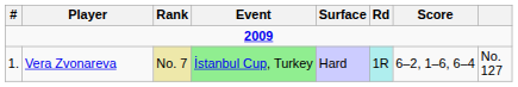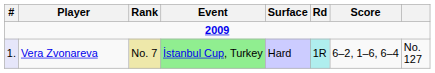 <table class="wikitable sortable">
 <tr>
 <th>#</th>
 <th width=155>Player</th>
 <th width=30>Rank</th>
 <th>Event</th>
 <th>Surface</th>
 <th>Rd</th>
 <th>Score</th>
 <th width=35></th>
 </tr>
 <tr>
 <td colspan=8 style=text-align:center><strong><a href='#'>2009</a></strong></td>
 </tr>
 <tr>
-<td>1.</td>
+<td style="background: lavender;">1.</td>
 <td> <a href='#'>Vera Zvonareva</a></td>
 <td bgcolor=EEE8AA>No. 7</td>
 <td style="background: lightgreen;"><a href='#'>İstanbul Cup</a>, Turkey</td>
 <td bgcolor=CCCCFF>Hard</td>
 <td bgcolor=afeeee>1R</td>
 <td>6–2, 1–6, 6–4</td>
 <td>No. 127</td>
 </tr>
 </table>
